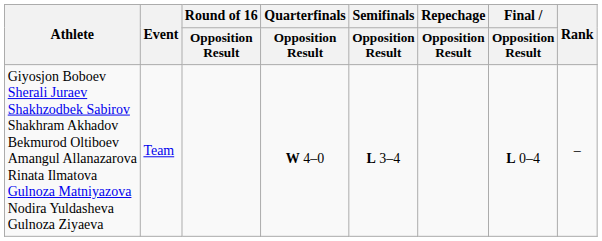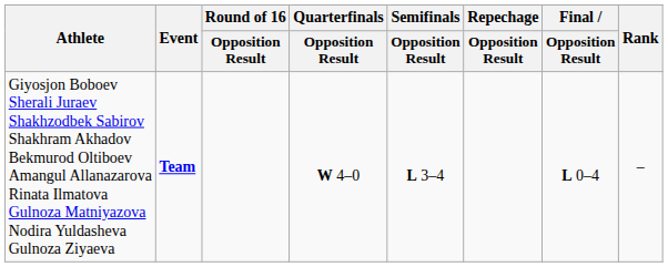 <table class=wikitable style=font-size:90%;text-align:center>
 <tr>
 <th rowspan="2">Athlete</th>
 <th rowspan="2">Event</th>
 <th>Round of 16</th>
 <th>Quarterfinals</th>
 <th>Semifinals</th>
 <th>Repechage</th>
 <th>Final / </th>
 <th rowspan=2>Rank</th>
 </tr>
 <tr style="font-size:95%">
 <th>Opposition<br>Result</th>
 <th>Opposition<br>Result</th>
 <th>Opposition<br>Result</th>
 <th>Opposition<br>Result</th>
 <th>Opposition<br>Result</th>
 </tr>
 <tr>
 <td align=left>Giyosjon Boboev<br><a href='#'>Sherali Juraev</a><br><a href='#'>Shakhzodbek Sabirov</a><br>Shakhram Akhadov<br>Bekmurod Oltiboev<br>Amangul Allanazarova<br>Rinata Ilmatova<br><a href='#'>Gulnoza Matniyazova</a><br>Nodira Yuldasheva<br>Gulnoza Ziyaeva</td>
-<td align=left><a href='#'>Team</a></td>
+<td align=left><strong><a href='#'>Team</a></strong></td>
 <td></td>
 <td><br><strong>W</strong> 4–0</td>
 <td><br><strong>L</strong> 3–4</td>
 <td></td>
 <td><br><strong>L</strong> 0–4</td>
 <td>–</td>
 </tr>
 </table>
